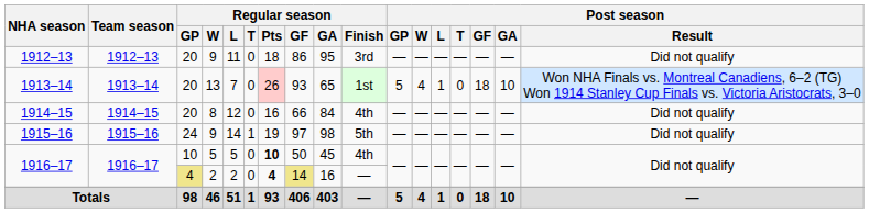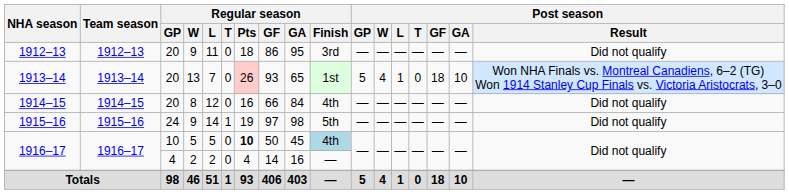 <table class="wikitable"  style="text-align: center; font-size: 95%">
 <tr>
 <th scope="col" rowspan="2">NHA season</th>
 <th scope="col" rowspan="2">Team season</th>
 <th colspan="8">Regular season</th>
 <th colspan="7">Post season</th>
 </tr>
 <tr>
 <th scope="col">GP</th>
 <th scope="col">W</th>
 <th scope="col">L</th>
 <th scope="col">T</th>
 <th scope="col">Pts</th>
 <th scope="col">GF</th>
 <th scope="col">GA</th>
 <th scope="col">Finish</th>
 <th scope="col">GP</th>
 <th scope="col">W</th>
 <th scope="col">L</th>
 <th scope="col">T</th>
 <th scope="col">GF</th>
 <th scope="col">GA</th>
 <th scope="col">Result</th>
 </tr>
 <tr>
 <td scope="row"><a href='#'>1912–13</a></td>
 <td><a href='#'>1912–13</a></td>
 <td>20</td>
 <td>9</td>
 <td>11</td>
 <td>0</td>
 <td>18</td>
 <td>86</td>
 <td>95</td>
 <td>3rd</td>
 <td>—</td>
 <td>—</td>
 <td>—</td>
 <td>—</td>
 <td>—</td>
 <td>—</td>
 <td>Did not qualify</td>
 </tr>
 <tr>
 <td scope="row"><a href='#'>1913–14</a></td>
 <td><a href='#'>1913–14</a></td>
 <td>20</td>
 <td>13</td>
 <td>7</td>
 <td>0</td>
 <td style="background: #FFCCCC;">26</td>
 <td>93</td>
 <td>65</td>
 <td style="background:#DDFFDD">1st</td>
 <td>5</td>
 <td>4</td>
 <td>1</td>
 <td>0</td>
 <td>18</td>
 <td>10</td>
 <td style="background: #D0E7FF;">Won NHA Finals vs. <a href='#'>Montreal Canadiens</a>, 6–2 (TG)<br>Won <a href='#'>1914 Stanley Cup Finals</a> vs. <a href='#'>Victoria Aristocrats</a>, 3–0</td>
 </tr>
 <tr>
 <td scope="row"><a href='#'>1914–15</a></td>
 <td><a href='#'>1914–15</a></td>
 <td>20</td>
 <td>8</td>
 <td>12</td>
 <td>0</td>
 <td>16</td>
 <td>66</td>
 <td>84</td>
 <td>4th</td>
 <td>—</td>
 <td>—</td>
 <td>—</td>
 <td>—</td>
 <td>—</td>
 <td>—</td>
 <td>Did not qualify</td>
 </tr>
 <tr>
 <td scope="row"><a href='#'>1915–16</a></td>
 <td><a href='#'>1915–16</a></td>
 <td>24</td>
 <td>9</td>
 <td>14</td>
 <td>1</td>
 <td>19</td>
 <td>97</td>
 <td>98</td>
 <td>5th</td>
 <td>—</td>
 <td>—</td>
 <td>—</td>
 <td>—</td>
 <td>—</td>
 <td>—</td>
 <td>Did not qualify</td>
 </tr>
 <tr>
 <td scope="row" rowspan="2"><a href='#'>1916–17</a></td>
 <td rowspan=2><a href='#'>1916–17</a></td>
 <td>10</td>
 <td>5</td>
 <td>5</td>
 <td>0</td>
 <td><strong>10</strong></td>
 <td>50</td>
 <td>45</td>
-<td>4th</td>
+<td style="background: lightblue;">4th</td>
 <td rowspan="2">—</td>
 <td rowspan="2">—</td>
 <td rowspan="2">—</td>
 <td rowspan="2">—</td>
 <td rowspan="2">—</td>
 <td rowspan="2">—</td>
 <td rowspan="2">Did not qualify</td>
 </tr>
 <tr>
-<td style="background: khaki;">4</td>
+<td>4</td>
 <td>2</td>
 <td>2</td>
 <td>0</td>
-<td><strong>4</strong></td>
-<td style="background: khaki;">14</td>
+<td>4</td>
+<td>14</td>
 <td>16</td>
 <td>—</td>
 </tr>
 <tr>
 </tr>
 <tr align="center" style="font-weight:bold; background-color:#dddddd;">
 <td scope="row" colspan="2">Totals</td>
 <td>98</td>
 <td>46</td>
 <td>51</td>
 <td>1</td>
 <td>93</td>
 <td>406</td>
 <td>403</td>
 <td>—</td>
 <td>5</td>
 <td>4</td>
 <td>1</td>
 <td>0</td>
 <td>18</td>
 <td>10</td>
 <td>—</td>
 </tr>
 </table>
